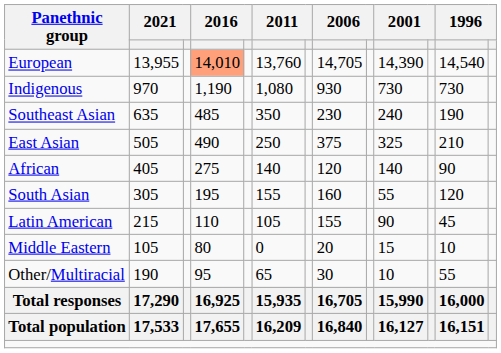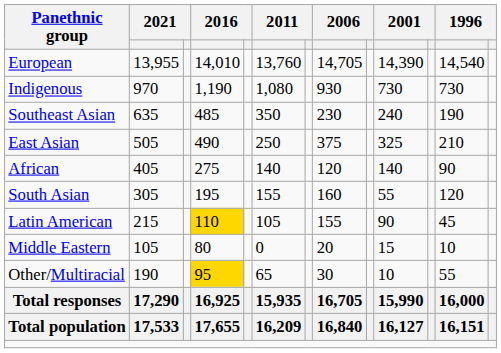 <table class="wikitable collapsible sortable">
 <tr>
 <th rowspan="2"><a href='#'>Panethnic</a><br>group</th>
 <th colspan="2">2021</th>
 <th colspan="2">2016</th>
 <th colspan="2">2011</th>
 <th colspan="2">2006</th>
 <th colspan="2">2001</th>
 <th colspan="2">1996</th>
 </tr>
 <tr>
 <th><a href='#'></a></th>
 <th></th>
 <th></th>
 <th></th>
 <th></th>
 <th></th>
 <th></th>
 <th></th>
 <th></th>
 <th></th>
 <th></th>
 <th></th>
 </tr>
 <tr>
 <td><a href='#'>European</a></td>
 <td>13,955</td>
 <td></td>
-<td style="background: lightsalmon;">14,010</td>
+<td>14,010</td>
 <td></td>
 <td>13,760</td>
 <td></td>
 <td>14,705</td>
 <td></td>
 <td>14,390</td>
 <td></td>
 <td>14,540</td>
 <td></td>
 </tr>
 <tr>
 <td><a href='#'>Indigenous</a></td>
 <td>970</td>
 <td></td>
 <td>1,190</td>
 <td></td>
 <td>1,080</td>
 <td></td>
 <td>930</td>
 <td></td>
 <td>730</td>
 <td></td>
 <td>730</td>
 <td></td>
 </tr>
 <tr>
 <td><a href='#'>Southeast Asian</a></td>
 <td>635</td>
 <td></td>
 <td>485</td>
 <td></td>
 <td>350</td>
 <td></td>
 <td>230</td>
 <td></td>
 <td>240</td>
 <td></td>
 <td>190</td>
 <td></td>
 </tr>
 <tr>
 <td><a href='#'>East Asian</a></td>
 <td>505</td>
 <td></td>
 <td>490</td>
 <td></td>
 <td>250</td>
 <td></td>
 <td>375</td>
 <td></td>
 <td>325</td>
 <td></td>
 <td>210</td>
 <td></td>
 </tr>
 <tr>
 <td><a href='#'>African</a></td>
 <td>405</td>
 <td></td>
 <td>275</td>
 <td></td>
 <td>140</td>
 <td></td>
 <td>120</td>
 <td></td>
 <td>140</td>
 <td></td>
 <td>90</td>
 <td></td>
 </tr>
 <tr>
 <td><a href='#'>South Asian</a></td>
 <td>305</td>
 <td></td>
 <td>195</td>
 <td></td>
 <td>155</td>
 <td></td>
 <td>160</td>
 <td></td>
 <td>55</td>
 <td></td>
 <td>120</td>
 <td></td>
 </tr>
 <tr>
 <td><a href='#'>Latin American</a></td>
 <td>215</td>
 <td></td>
-<td>110</td>
+<td style="background: gold;">110</td>
 <td></td>
 <td>105</td>
 <td></td>
 <td>155</td>
 <td></td>
 <td>90</td>
 <td></td>
 <td>45</td>
 <td></td>
 </tr>
 <tr>
 <td><a href='#'>Middle Eastern</a></td>
 <td>105</td>
 <td></td>
 <td>80</td>
 <td></td>
 <td>0</td>
 <td></td>
 <td>20</td>
 <td></td>
 <td>15</td>
 <td></td>
 <td>10</td>
 <td></td>
 </tr>
 <tr>
 <td>Other/<a href='#'>Multiracial</a></td>
 <td>190</td>
 <td></td>
-<td>95</td>
+<td style="background: gold;">95</td>
 <td></td>
 <td>65</td>
 <td></td>
 <td>30</td>
 <td></td>
 <td>10</td>
 <td></td>
 <td>55</td>
 <td></td>
 </tr>
 <tr>
 <th>Total responses</th>
 <th>17,290</th>
 <th></th>
 <th>16,925</th>
 <th></th>
 <th>15,935</th>
 <th></th>
 <th>16,705</th>
 <th></th>
 <th>15,990</th>
 <th></th>
 <th>16,000</th>
 <th></th>
 </tr>
 <tr>
 <th>Total population</th>
 <th>17,533</th>
 <th></th>
 <th>17,655</th>
 <th></th>
 <th>16,209</th>
 <th></th>
 <th>16,840</th>
 <th></th>
 <th>16,127</th>
 <th></th>
 <th>16,151</th>
 <th></th>
 </tr>
 <tr class="sortbottom">
 <td colspan="15"></td>
 </tr>
 </table>
